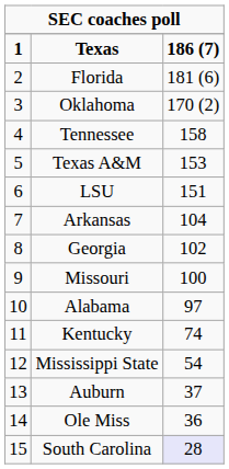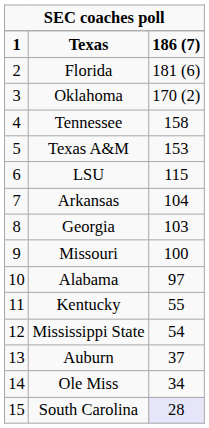 <table class="wikitable" style="display: inline-table;">
 <tr>
 <td align="center" Colspan="3"><strong>SEC coaches poll</strong></td>
 </tr>
 <tr align="center">
 </tr>
 <tr align="center">
 <td><strong>1</strong></td>
 <td><strong>Texas</strong></td>
 <td><strong>186 (7)</strong></td>
 </tr>
 <tr align="center">
 <td>2</td>
 <td>Florida</td>
 <td>181 (6)</td>
 </tr>
 <tr align="center">
 <td>3</td>
 <td>Oklahoma</td>
 <td>170 (2)</td>
 </tr>
 <tr align="center">
 <td>4</td>
 <td>Tennessee</td>
 <td>158</td>
 </tr>
 <tr align="center">
 <td>5</td>
 <td>Texas A&M</td>
 <td>153</td>
 </tr>
 <tr align="center">
 <td>6</td>
 <td>LSU</td>
-<td>151</td>
+<td>115</td>
 </tr>
 <tr align="center">
 <td>7</td>
 <td>Arkansas</td>
 <td>104</td>
 </tr>
 <tr align="center">
 <td>8</td>
 <td>Georgia</td>
-<td>102</td>
+<td>103</td>
 </tr>
 <tr align="center">
 <td>9</td>
 <td>Missouri</td>
 <td>100</td>
 </tr>
 <tr align="center">
 <td>10</td>
 <td>Alabama</td>
 <td>97</td>
 </tr>
 <tr align="center">
 <td>11</td>
 <td>Kentucky</td>
-<td>74</td>
+<td>55</td>
 </tr>
 <tr align="center">
 <td>12</td>
 <td>Mississippi State</td>
 <td>54</td>
 </tr>
 <tr align="center">
 <td>13</td>
 <td>Auburn</td>
 <td>37</td>
 </tr>
 <tr align="center">
 <td>14</td>
 <td>Ole Miss</td>
-<td>36</td>
+<td>34</td>
 </tr>
 <tr align="center">
 <td>15</td>
 <td>South Carolina</td>
 <td style="background: lavender;">28</td>
 </tr>
 </table>
